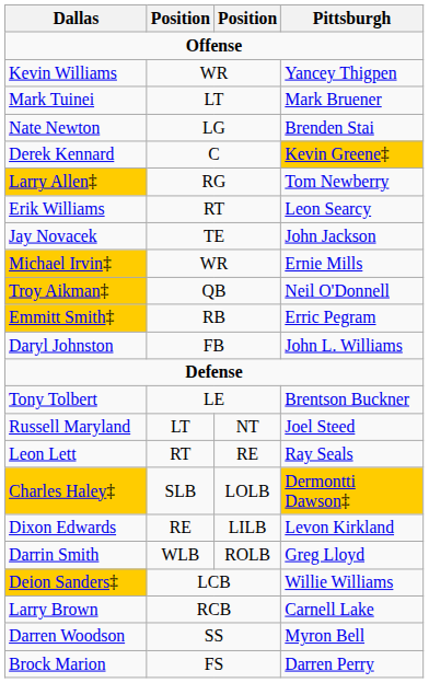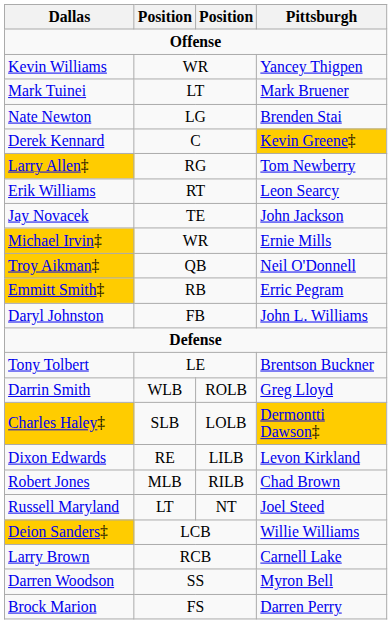 <table class="wikitable">
 <tr>
 <th width="125px">Dallas</th>
 <th>Position</th>
 <th>Position</th>
 <th width="125px">Pittsburgh</th>
 </tr>
 <tr>
 <td colspan="4" style="text-align:center;"><strong>Offense</strong></td>
 </tr>
 <tr>
 <td><a href='#'>Kevin Williams</a></td>
 <td colspan="2" style="text-align:center">WR</td>
 <td><a href='#'>Yancey Thigpen</a></td>
 </tr>
 <tr>
 <td><a href='#'>Mark Tuinei</a></td>
 <td colspan="2" style="text-align:center">LT</td>
 <td><a href='#'>Mark Bruener</a></td>
 </tr>
 <tr>
 <td><a href='#'>Nate Newton</a></td>
 <td colspan="2" style="text-align:center">LG</td>
 <td><a href='#'>Brenden Stai</a></td>
 </tr>
 <tr>
 <td><a href='#'>Derek Kennard</a></td>
 <td colspan="2" style="text-align:center">C</td>
 <td bgcolor="#FFCC00"><a href='#'>Kevin Greene</a>‡</td>
 </tr>
 <tr>
 <td bgcolor="#FFCC00"><a href='#'>Larry Allen</a>‡</td>
 <td colspan="2" style="text-align:center">RG</td>
 <td><a href='#'>Tom Newberry</a></td>
 </tr>
 <tr>
 <td><a href='#'>Erik Williams</a></td>
 <td colspan="2" style="text-align:center">RT</td>
 <td><a href='#'>Leon Searcy</a></td>
 </tr>
 <tr>
 <td><a href='#'>Jay Novacek</a></td>
 <td colspan="2" style="text-align:center">TE</td>
 <td><a href='#'>John Jackson</a></td>
 </tr>
 <tr>
 <td bgcolor="#FFCC00"><a href='#'>Michael Irvin</a>‡</td>
 <td colspan="2" style="text-align:center">WR</td>
 <td><a href='#'>Ernie Mills</a></td>
 </tr>
 <tr>
 <td bgcolor="#FFCC00"><a href='#'>Troy Aikman</a>‡</td>
 <td colspan="2" style="text-align:center">QB</td>
 <td><a href='#'>Neil O'Donnell</a></td>
 </tr>
 <tr>
 <td bgcolor="#FFCC00"><a href='#'>Emmitt Smith</a>‡</td>
 <td colspan="2" style="text-align:center">RB</td>
 <td><a href='#'>Erric Pegram</a></td>
 </tr>
 <tr>
 <td><a href='#'>Daryl Johnston</a></td>
 <td colspan="2" style="text-align:center">FB</td>
 <td><a href='#'>John L. Williams</a></td>
 </tr>
 <tr>
 <td colspan="4" style="text-align:center"><strong>Defense</strong></td>
 </tr>
 <tr>
 <td><a href='#'>Tony Tolbert</a></td>
 <td colspan="2" style="text-align:center">LE</td>
 <td><a href='#'>Brentson Buckner</a></td>
 </tr>
 <tr>
-<td><a href='#'>Russell Maryland</a></td>
-<td style="text-align:center">LT</td>
-<td style="text-align:center">NT</td>
-<td><a href='#'>Joel Steed</a></td>
-</tr>
-<tr>
-<td><a href='#'>Leon Lett</a></td>
-<td style="text-align:center">RT</td>
-<td style="text-align:center">RE</td>
-<td><a href='#'>Ray Seals</a></td>
+<td><a href='#'>Darrin Smith</a></td>
+<td style="text-align:center">WLB</td>
+<td style="text-align:center">ROLB</td>
+<td><a href='#'>Greg Lloyd</a></td>
 </tr>
 <tr>
 <td bgcolor="#FFCC00"><a href='#'>Charles Haley</a>‡</td>
 <td style="text-align:center">SLB</td>
 <td style="text-align:center">LOLB</td>
 <td bgcolor="#FFCC00"><a href='#'>Dermontti Dawson</a>‡</td>
 </tr>
 <tr>
 <td><a href='#'>Dixon Edwards</a></td>
 <td style="text-align:center">RE</td>
 <td style="text-align:center">LILB</td>
 <td><a href='#'>Levon Kirkland</a></td>
 </tr>
 <tr>
-<td><a href='#'>Darrin Smith</a></td>
-<td style="text-align:center">WLB</td>
-<td style="text-align:center">ROLB</td>
-<td><a href='#'>Greg Lloyd</a></td>
+<td><a href='#'>Robert Jones</a></td>
+<td style="text-align:center">MLB</td>
+<td style="text-align:center">RILB</td>
+<td><a href='#'>Chad Brown</a></td>
+</tr>
+<tr>
+<td><a href='#'>Russell Maryland</a></td>
+<td style="text-align:center">LT</td>
+<td style="text-align:center">NT</td>
+<td><a href='#'>Joel Steed</a></td>
 </tr>
 <tr>
 <td bgcolor="#FFCC00"><a href='#'>Deion Sanders</a>‡</td>
 <td colspan="2" style="text-align:center">LCB</td>
 <td><a href='#'>Willie Williams</a></td>
 </tr>
 <tr>
 <td><a href='#'>Larry Brown</a></td>
 <td colspan="2" style="text-align:center">RCB</td>
 <td><a href='#'>Carnell Lake</a></td>
 </tr>
 <tr>
 <td><a href='#'>Darren Woodson</a></td>
 <td colspan="2" style="text-align:center">SS</td>
 <td><a href='#'>Myron Bell</a></td>
 </tr>
 <tr>
 <td><a href='#'>Brock Marion</a></td>
 <td colspan="2" style="text-align:center">FS</td>
 <td><a href='#'>Darren Perry</a></td>
 </tr>
 </table>
